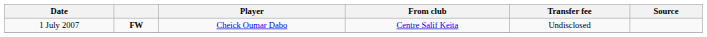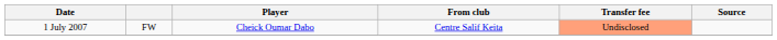 <table class="wikitable sortable" style="width:70%; text-align:center; font-size:85%; text-align:centre;">
 <tr>
 <th>Date</th>
 <th></th>
 <th>Player</th>
 <th>From club</th>
 <th>Transfer fee</th>
 <th>Source</th>
 </tr>
 <tr>
 <td>1 July 2007</td>
-<td><strong>FW</strong></td>
+<td>FW</td>
 <td> <a href='#'>Cheick Oumar Dabo</a></td>
 <td> <a href='#'>Centre Salif Keita</a></td>
-<td>Undisclosed</td>
+<td style="background: lightsalmon;">Undisclosed</td>
 <td></td>
 </tr>
 <tr>
 </tr>
 </table>
